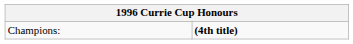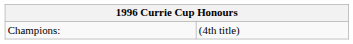 <table class="wikitable" style="text-align:left; font-size:100%; width:40%; margin:1em auto 1em auto;">
 <tr>
 <th colspan=2><strong>1996 Currie Cup Honours</strong></th>
 </tr>
 <tr>
 <td>Champions:</td>
-<td><strong> (4th title)</strong></td>
+<td> (4th title)</td>
 </tr>
 </table>
